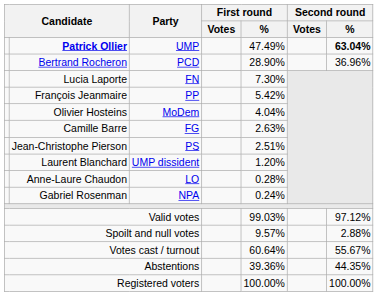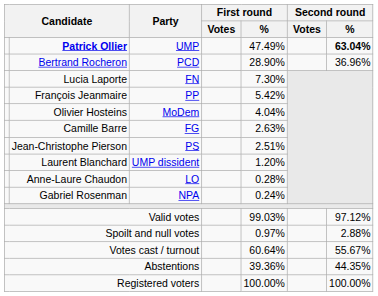 <table class="wikitable" style="text-align:right;font-size:95%;">
 <tr>
 <th rowspan=2 colspan=2>Candidate</th>
 <th rowspan=2 colspan=1>Party</th>
 <th colspan=2>First round</th>
 <th colspan=2>Second round</th>
 </tr>
 <tr>
 <th style="width:50px;">Votes</th>
 <th style="width:55px;">%</th>
 <th style="width:50px;">Votes</th>
 <th style="width:55px;">%</th>
 </tr>
 <tr>
 <td style="color:inherit;background-color:"></td>
 <td><strong><a href='#'>Patrick Ollier</a></strong></td>
 <td><a href='#'>UMP</a></td>
 <td></td>
 <td>47.49%</td>
 <td><strong></strong></td>
 <td><strong>63.04%</strong></td>
 </tr>
 <tr>
 <td style="color:inherit;background-color:"></td>
 <td><a href='#'>Bertrand Rocheron</a></td>
 <td><a href='#'>PCD</a></td>
 <td></td>
 <td>28.90%</td>
 <td></td>
 <td>36.96%</td>
 </tr>
 <tr>
 <td style="color:inherit;background-color:"></td>
 <td>Lucia Laporte</td>
 <td><a href='#'>FN</a></td>
 <td></td>
 <td>7.30%</td>
 <td colspan=7 rowspan=8 style="background-color:#E9E9E9;"></td>
 </tr>
 <tr>
 <td style="color:inherit;background-color:"></td>
 <td>François Jeanmaire</td>
 <td><a href='#'>PP</a></td>
 <td></td>
 <td>5.42%</td>
 </tr>
 <tr>
 <td style="color:inherit;background-color:"></td>
 <td>Olivier Hosteins</td>
 <td><a href='#'>MoDem</a></td>
 <td></td>
 <td>4.04%</td>
 </tr>
 <tr>
 <td style="color:inherit;background-color:"></td>
 <td>Camille Barre</td>
 <td><a href='#'>FG</a></td>
 <td></td>
 <td>2.63%</td>
 </tr>
 <tr>
 <td style="color:inherit;background-color:"></td>
 <td>Jean-Christophe Pierson</td>
 <td><a href='#'>PS</a></td>
 <td></td>
 <td>2.51%</td>
 </tr>
 <tr>
 <td style="color:inherit;background-color:"></td>
 <td>Laurent Blanchard</td>
 <td><a href='#'>UMP dissident</a></td>
 <td></td>
 <td>1.20%</td>
 </tr>
 <tr>
 <td style="color:inherit;background-color:"></td>
 <td>Anne-Laure Chaudon</td>
 <td><a href='#'>LO</a></td>
 <td></td>
 <td>0.28%</td>
 </tr>
 <tr>
 <td style="color:inherit;background-color:"></td>
 <td>Gabriel Rosenman</td>
 <td><a href='#'>NPA</a></td>
 <td></td>
 <td>0.24%</td>
 </tr>
 <tr>
 <td colspan=7 style="background-color:#E9E9E9;"></td>
 </tr>
 <tr>
 <td colspan=3>Valid votes</td>
 <td></td>
 <td>99.03%</td>
 <td></td>
 <td>97.12%</td>
 </tr>
 <tr>
 <td colspan=3>Spoilt and null votes</td>
 <td></td>
-<td>9.57%</td>
+<td>0.97%</td>
 <td></td>
 <td>2.88%</td>
 </tr>
 <tr>
 <td colspan=3>Votes cast / turnout</td>
 <td></td>
 <td>60.64%</td>
 <td></td>
 <td>55.67%</td>
 </tr>
 <tr>
 <td colspan=3>Abstentions</td>
 <td></td>
 <td>39.36%</td>
 <td></td>
 <td>44.35%</td>
 </tr>
 <tr>
 <td colspan=3>Registered voters</td>
 <td></td>
 <td>100.00%</td>
 <td></td>
 <td>100.00%</td>
 </tr>
 </table>
